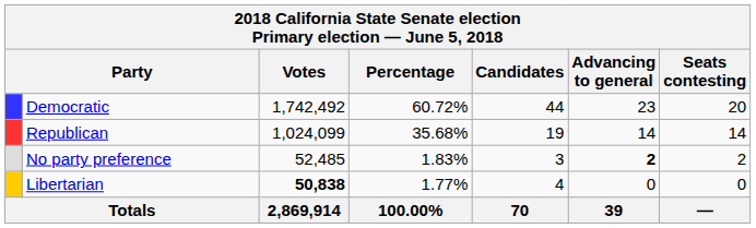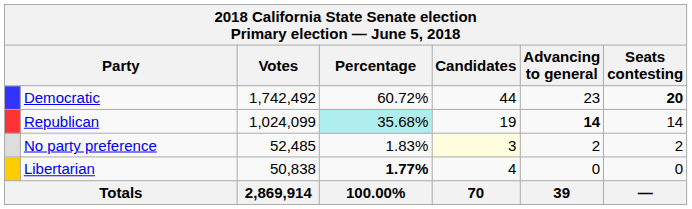 <table class="wikitable" style="font-size:95%;">
 <tr>
 <th colspan="7">2018 California State Senate election<br>Primary election — June 5, 2018</th>
 </tr>
 <tr>
 <th colspan=2 style="width: 15em">Party</th>
 <th style="width: 5em">Votes</th>
 <th style="width: 7em">Percentage</th>
 <th style="width: 5em">Candidates</th>
 <th style="width: 5em">Advancing to general</th>
 <th style="width: 5em">Seats contesting</th>
 </tr>
 <tr>
 <th style="background-color:#3333FF; width: 3px"></th>
 <td style="width: 130px"><a href='#'>Democratic</a></td>
 <td align="right">1,742,492</td>
 <td align="right">60.72%</td>
 <td align="right">44</td>
 <td align="right">23</td>
-<td align="right">20</td>
+<td align="right"><strong>20</strong></td>
 </tr>
 <tr>
 <th style="background-color:#FF3333; width: 3px"></th>
 <td style="width: 130px"><a href='#'>Republican</a></td>
 <td align="right">1,024,099</td>
-<td align="right">35.68%</td>
+<td align="right" style="background: paleturquoise;">35.68%</td>
 <td align="right">19</td>
-<td align="right">14</td>
+<td align="right"><strong>14</strong></td>
 <td align="right">14</td>
 </tr>
 <tr>
 <th style="background-color:#DDDDDD; width: 3px"></th>
 <td style="width: 130px"><a href='#'>No party preference</a></td>
 <td align="right">52,485</td>
 <td align="right">1.83%</td>
-<td align="right">3</td>
-<td align="right"><strong>2</strong></td>
+<td align="right" style="background: lightyellow;">3</td>
+<td align="right">2</td>
 <td align="right">2</td>
 </tr>
 <tr>
 <th style="background-color:#FFCC00; width: 3px"></th>
 <td style="width: 130px"><a href='#'>Libertarian</a></td>
-<td align="right"><strong>50,838</strong></td>
-<td align="right">1.77%</td>
+<td align="right">50,838</td>
+<td align="right"><strong>1.77%</strong></td>
 <td align="right">4</td>
 <td align="right">0</td>
 <td align="right">0</td>
 </tr>
 <tr bgcolor="#EEEEEE">
 <th colspan="2" align="right">Totals</th>
 <th align="right">2,869,914</th>
 <th align="right">100.00%</th>
 <th align="right">70</th>
 <th align="right">39</th>
 <th align="right">—</th>
 </tr>
 </table>
